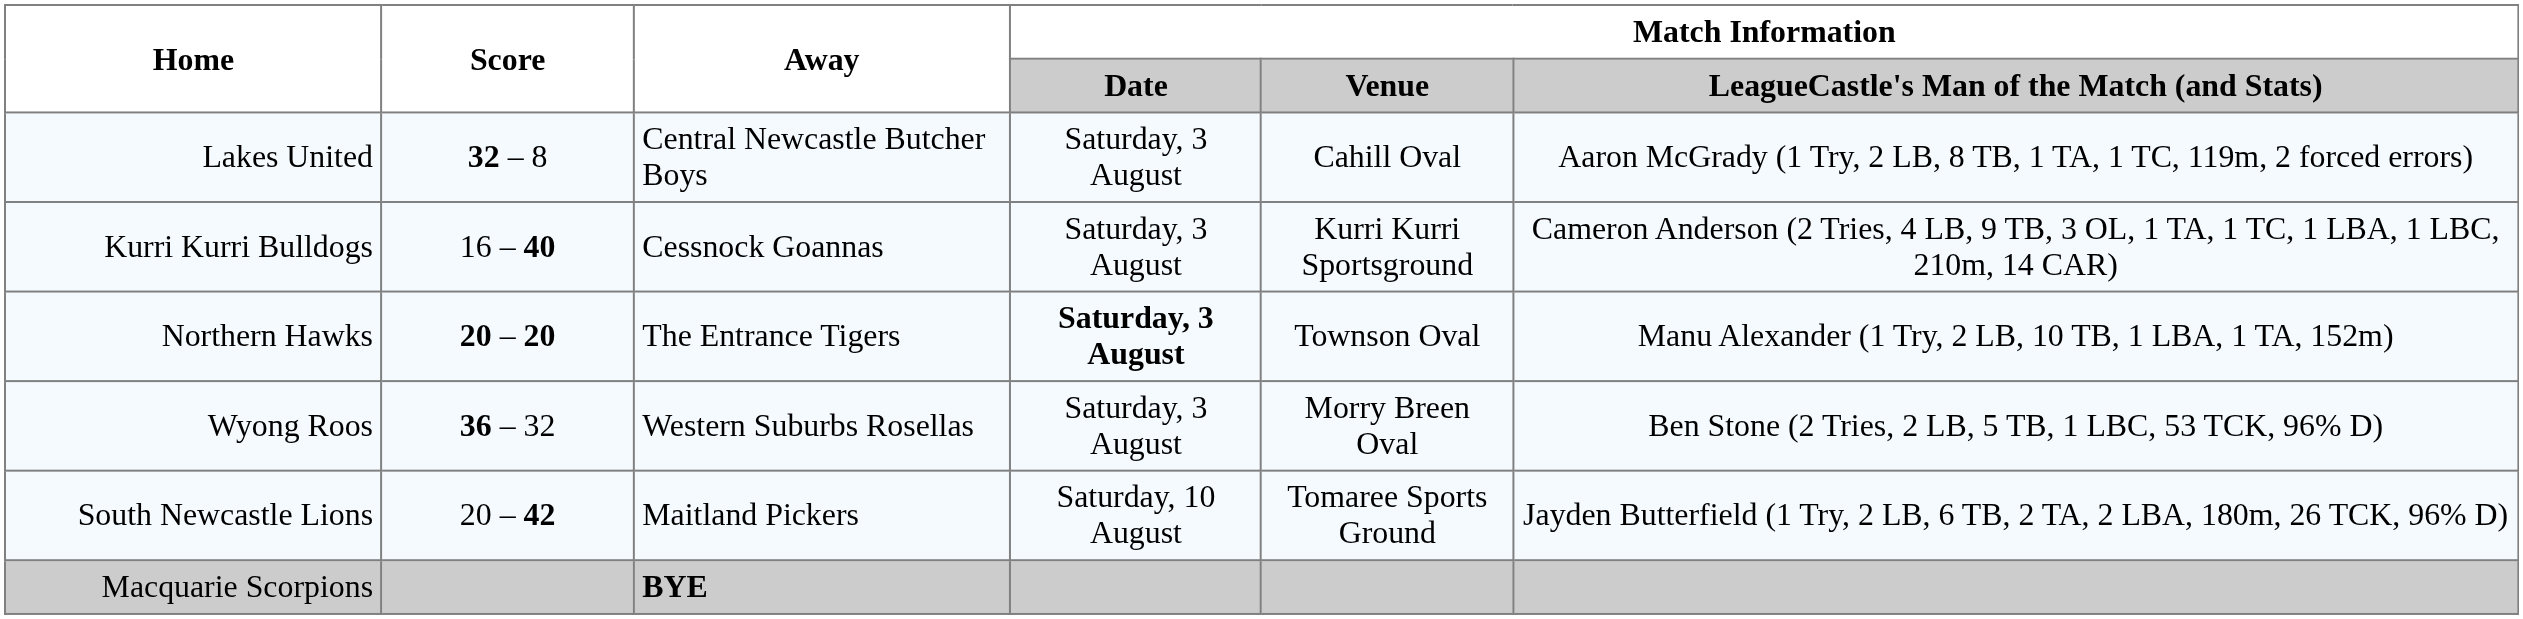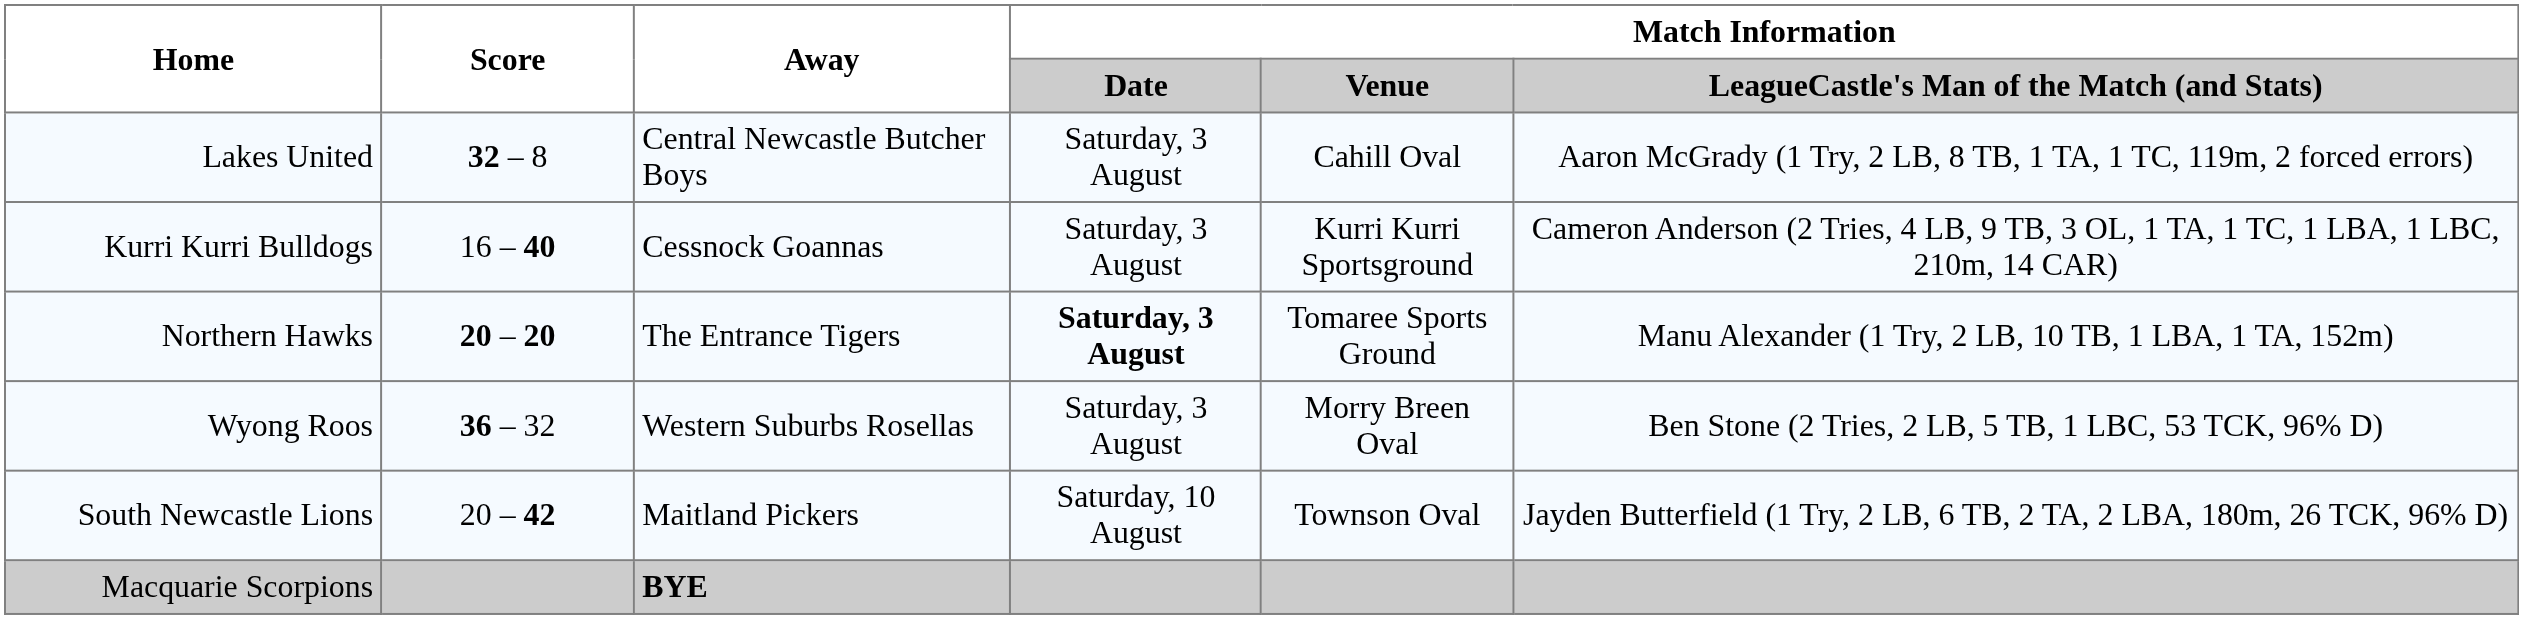 <table width="100%" cellspacing="0" cellpadding="4" border="1" style="border-collapse:collapse;  text-align:center;">
 <tr>
 <th rowspan="2" width="15%">Home</th>
 <th rowspan="2" width="10%">Score</th>
 <th rowspan="2" width="15%">Away</th>
 <th colspan="4">Match Information</th>
 </tr>
 <tr style="background:#CCCCCC">
 <th width="10%">Date</th>
 <th width="10%">Venue</th>
 <th width="40%">LeagueCastle's Man of the Match (and Stats)</th>
 </tr>
 <tr style="text-align:center; background:#f5faff;">
 <td align="right"> Lakes United</td>
 <td><strong>32</strong> – 8</td>
 <td align="left"> Central Newcastle Butcher Boys</td>
 <td>Saturday, 3 August</td>
 <td>Cahill Oval</td>
 <td>Aaron McGrady  (1 Try, 2 LB, 8 TB, 1 TA, 1 TC, 119m, 2 forced errors)</td>
 </tr>
 <tr style="text-align:center; background:#f5faff;">
 <td align="right"> Kurri Kurri Bulldogs</td>
 <td>16 – <strong>40</strong></td>
 <td align="left"> Cessnock Goannas</td>
 <td>Saturday, 3 August</td>
 <td>Kurri Kurri Sportsground</td>
 <td>Cameron Anderson  (2 Tries, 4 LB, 9 TB, 3 OL, 1 TA, 1 TC, 1 LBA, 1 LBC, 210m, 14 CAR)</td>
 </tr>
 <tr style="text-align:center; background:#f5faff;">
 <td align="right"> Northern Hawks</td>
 <td><strong>20</strong> – <strong>20</strong></td>
 <td align="left"> The Entrance Tigers</td>
 <td><strong>Saturday, 3 August</strong></td>
-<td>Townson Oval</td>
+<td>Tomaree Sports Ground</td>
 <td>Manu Alexander  (1 Try, 2 LB, 10 TB, 1 LBA, 1 TA, 152m)</td>
 </tr>
 <tr style="text-align:center; background:#f5faff;">
 <td align="right"> Wyong Roos</td>
 <td><strong>36</strong> – 32</td>
 <td align="left"> Western Suburbs Rosellas</td>
 <td>Saturday, 3 August</td>
 <td>Morry Breen Oval</td>
 <td>Ben Stone  (2 Tries, 2 LB, 5 TB, 1 LBC, 53 TCK, 96% D)</td>
 </tr>
 <tr style="text-align:center; background:#f5faff;">
 <td align="right"> South Newcastle Lions</td>
 <td>20 – <strong>42</strong></td>
 <td align="left"> Maitland Pickers</td>
 <td>Saturday, 10 August</td>
-<td>Tomaree Sports Ground</td>
+<td>Townson Oval</td>
 <td>Jayden Butterfield  (1 Try,  2 LB, 6 TB, 2 TA, 2 LBA, 180m, 26 TCK, 96% D)</td>
 </tr>
 <tr style="text-align:center; background:#CCCCCC;">
 <td align="right"> Macquarie Scorpions</td>
 <td></td>
 <td align="left"><strong>BYE</strong></td>
 <td></td>
 <td></td>
 <td></td>
 </tr>
 </table>
